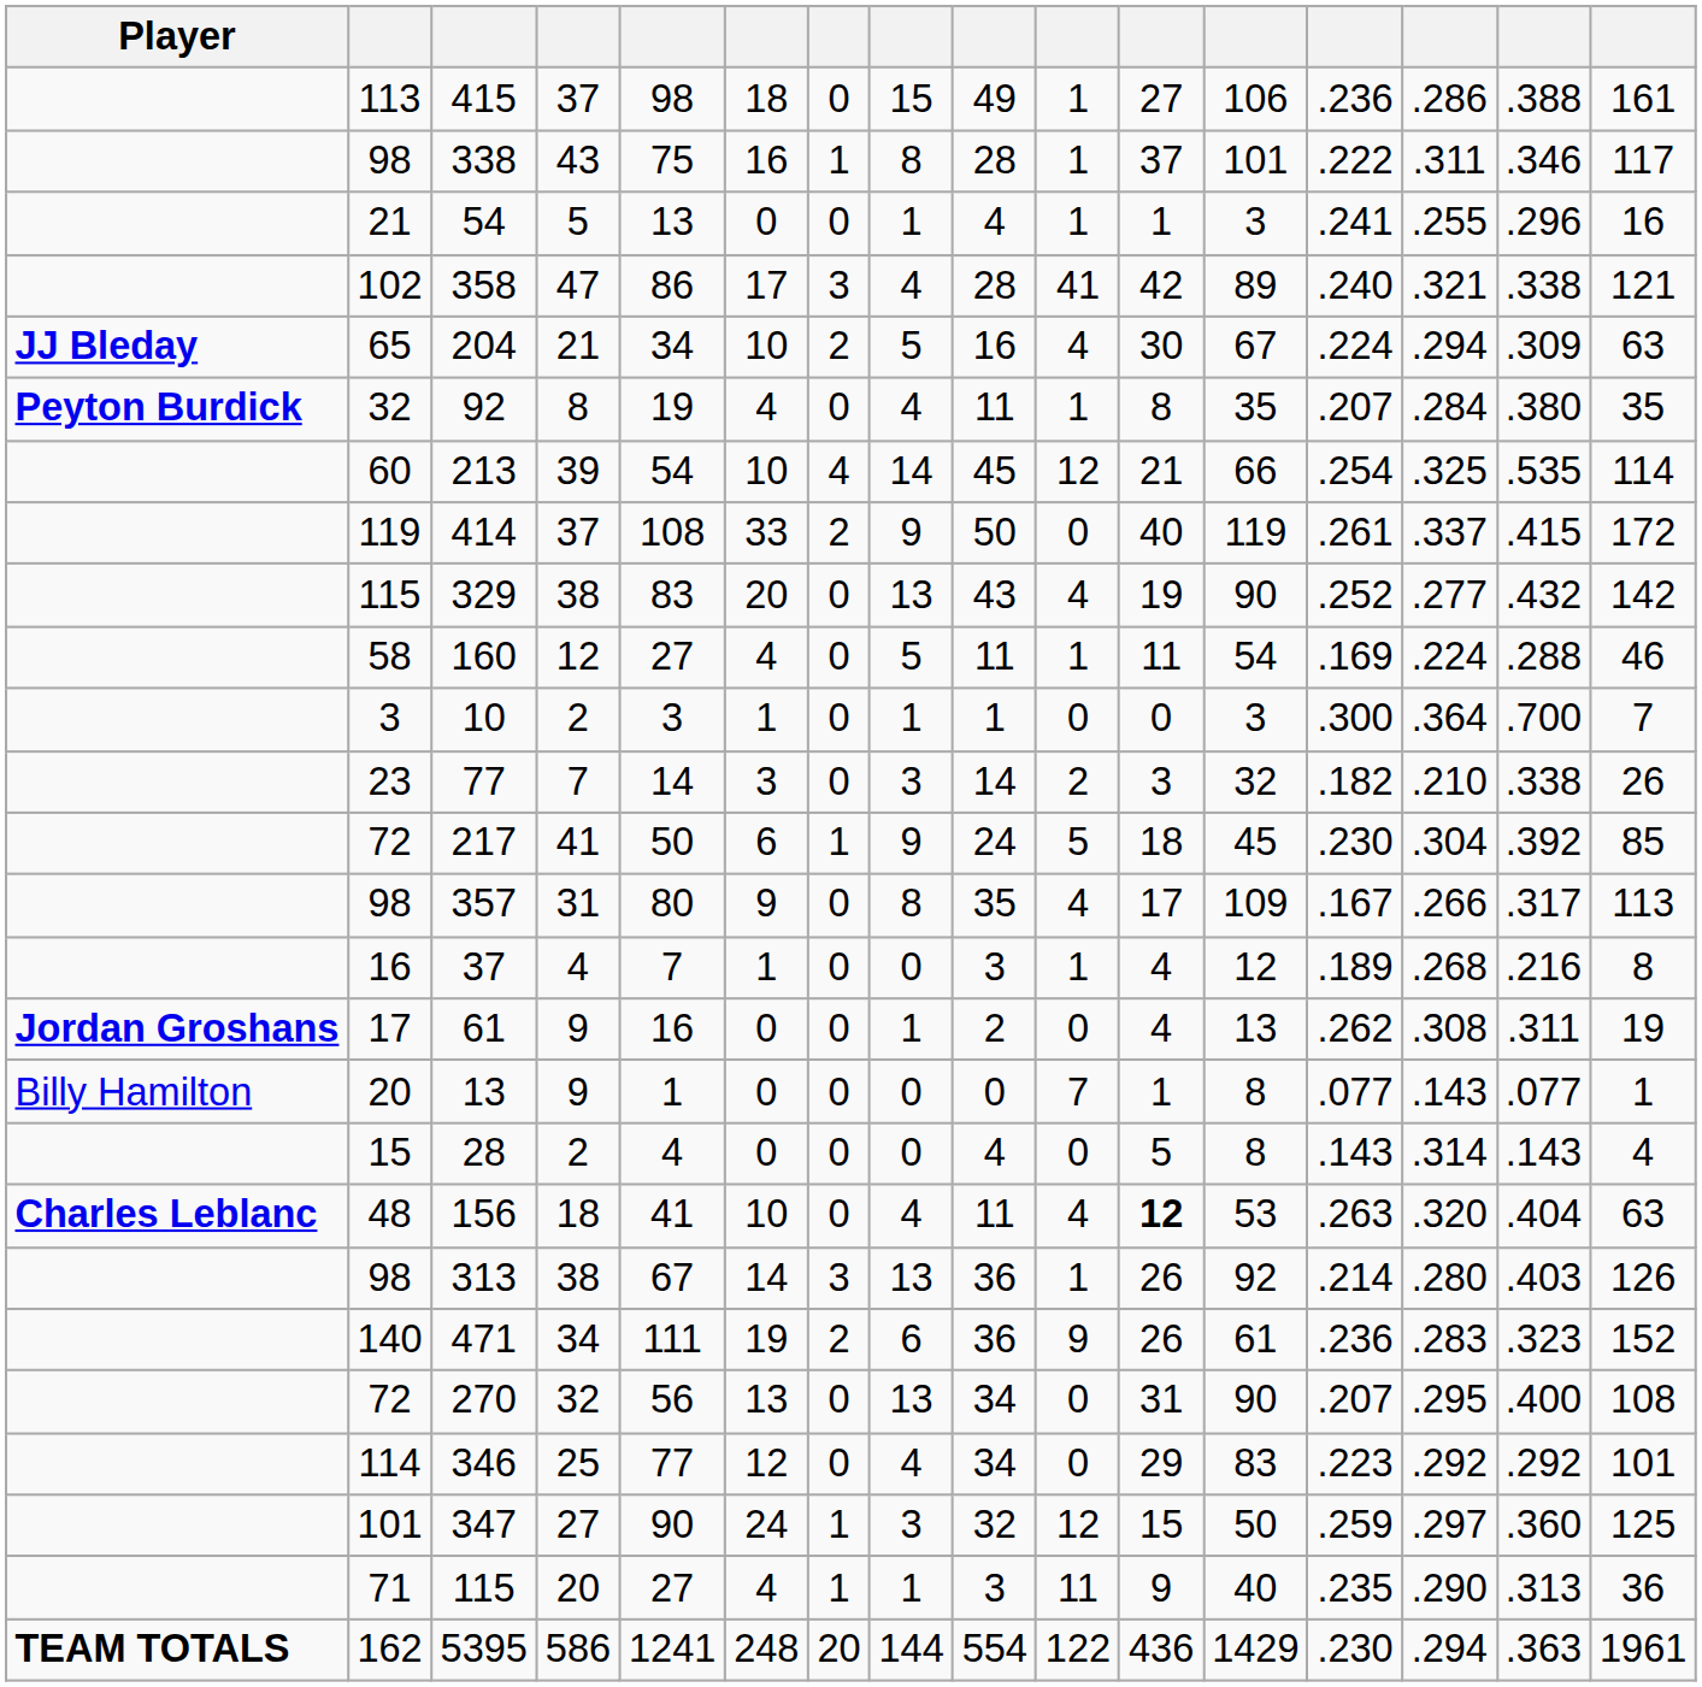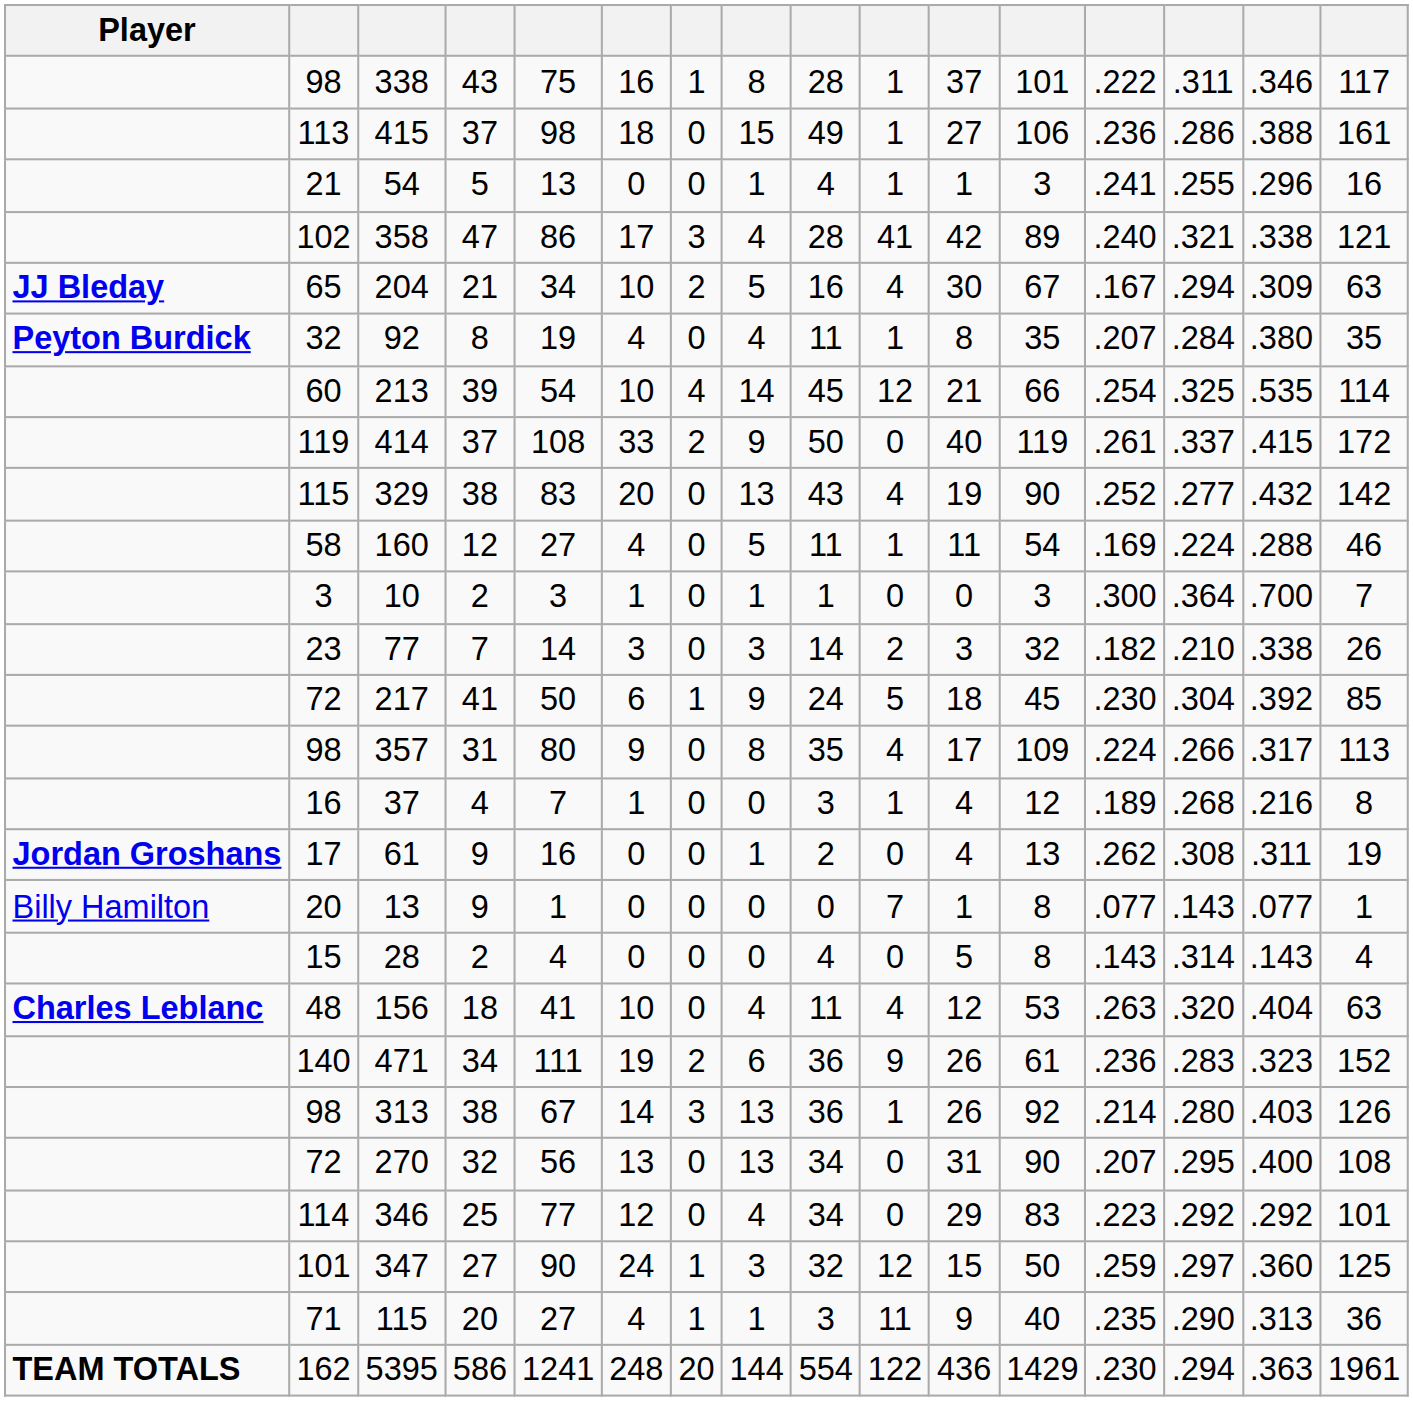 <table class="wikitable sortable" style="text-align:center;">
 <tr>
 <th>Player</th>
 <th></th>
 <th></th>
 <th></th>
 <th></th>
 <th></th>
 <th></th>
 <th></th>
 <th></th>
 <th></th>
 <th></th>
 <th></th>
 <th></th>
 <th></th>
 <th></th>
 <th></th>
 </tr>
 <tr>
+<td align=left></td>
+<td>98</td>
+<td>338</td>
+<td>43</td>
+<td>75</td>
+<td>16</td>
+<td>1</td>
+<td>8</td>
+<td>28</td>
+<td>1</td>
+<td>37</td>
+<td>101</td>
+<td>.222</td>
+<td>.311</td>
+<td>.346</td>
+<td>117</td>
+</tr>
+<tr>
 <td align=left><strong></strong></td>
 <td>113</td>
 <td>415</td>
 <td>37</td>
 <td>98</td>
 <td>18</td>
 <td>0</td>
 <td>15</td>
 <td>49</td>
 <td>1</td>
 <td>27</td>
 <td>106</td>
 <td>.236</td>
 <td>.286</td>
 <td>.388</td>
 <td>161</td>
-</tr>
-<tr>
-<td align=left></td>
-<td>98</td>
-<td>338</td>
-<td>43</td>
-<td>75</td>
-<td>16</td>
-<td>1</td>
-<td>8</td>
-<td>28</td>
-<td>1</td>
-<td>37</td>
-<td>101</td>
-<td>.222</td>
-<td>.311</td>
-<td>.346</td>
-<td>117</td>
 </tr>
 <tr>
 <td align=left><strong></strong></td>
 <td>21</td>
 <td>54</td>
 <td>5</td>
 <td>13</td>
 <td>0</td>
 <td>0</td>
 <td>1</td>
 <td>4</td>
 <td>1</td>
 <td>1</td>
 <td>3</td>
 <td>.241</td>
 <td>.255</td>
 <td>.296</td>
 <td>16</td>
 </tr>
 <tr>
 <td align=left><strong></strong></td>
 <td>102</td>
 <td>358</td>
 <td>47</td>
 <td>86</td>
 <td>17</td>
 <td>3</td>
 <td>4</td>
 <td>28</td>
 <td>41</td>
 <td>42</td>
 <td>89</td>
 <td>.240</td>
 <td>.321</td>
 <td>.338</td>
 <td>121</td>
 </tr>
 <tr>
 <td align=left><strong><a href='#'>JJ Bleday</a></strong></td>
 <td>65</td>
 <td>204</td>
 <td>21</td>
 <td>34</td>
 <td>10</td>
 <td>2</td>
 <td>5</td>
 <td>16</td>
 <td>4</td>
 <td>30</td>
 <td>67</td>
-<td>.224</td>
+<td>.167</td>
 <td>.294</td>
 <td>.309</td>
 <td>63</td>
 </tr>
 <tr>
 <td align=left><strong><a href='#'>Peyton Burdick</a></strong></td>
 <td>32</td>
 <td>92</td>
 <td>8</td>
 <td>19</td>
 <td>4</td>
 <td>0</td>
 <td>4</td>
 <td>11</td>
 <td>1</td>
 <td>8</td>
 <td>35</td>
 <td>.207</td>
 <td>.284</td>
 <td>.380</td>
 <td>35</td>
 </tr>
 <tr>
 <td align=left><strong></strong></td>
 <td>60</td>
 <td>213</td>
 <td>39</td>
 <td>54</td>
 <td>10</td>
 <td>4</td>
 <td>14</td>
 <td>45</td>
 <td>12</td>
 <td>21</td>
 <td>66</td>
 <td>.254</td>
 <td>.325</td>
 <td>.535</td>
 <td>114</td>
 </tr>
 <tr>
 <td align=left><strong></strong></td>
 <td>119</td>
 <td>414</td>
 <td>37</td>
 <td>108</td>
 <td>33</td>
 <td>2</td>
 <td>9</td>
 <td>50</td>
 <td>0</td>
 <td>40</td>
 <td>119</td>
 <td>.261</td>
 <td>.337</td>
 <td>.415</td>
 <td>172</td>
 </tr>
 <tr>
 <td align=left><strong></strong></td>
 <td>115</td>
 <td>329</td>
 <td>38</td>
 <td>83</td>
 <td>20</td>
 <td>0</td>
 <td>13</td>
 <td>43</td>
 <td>4</td>
 <td>19</td>
 <td>90</td>
 <td>.252</td>
 <td>.277</td>
 <td>.432</td>
 <td>142</td>
 </tr>
 <tr>
 <td align=left></td>
 <td>58</td>
 <td>160</td>
 <td>12</td>
 <td>27</td>
 <td>4</td>
 <td>0</td>
 <td>5</td>
 <td>11</td>
 <td>1</td>
 <td>11</td>
 <td>54</td>
 <td>.169</td>
 <td>.224</td>
 <td>.288</td>
 <td>46</td>
 </tr>
 <tr>
 <td align=left></td>
 <td>3</td>
 <td>10</td>
 <td>2</td>
 <td>3</td>
 <td>1</td>
 <td>0</td>
 <td>1</td>
 <td>1</td>
 <td>0</td>
 <td>0</td>
 <td>3</td>
 <td>.300</td>
 <td>.364</td>
 <td>.700</td>
 <td>7</td>
 </tr>
 <tr>
 <td align=left></td>
 <td>23</td>
 <td>77</td>
 <td>7</td>
 <td>14</td>
 <td>3</td>
 <td>0</td>
 <td>3</td>
 <td>14</td>
 <td>2</td>
 <td>3</td>
 <td>32</td>
 <td>.182</td>
 <td>.210</td>
 <td>.338</td>
 <td>26</td>
 </tr>
 <tr>
 <td align=left><strong></strong></td>
 <td>72</td>
 <td>217</td>
 <td>41</td>
 <td>50</td>
 <td>6</td>
 <td>1</td>
 <td>9</td>
 <td>24</td>
 <td>5</td>
 <td>18</td>
 <td>45</td>
 <td>.230</td>
 <td>.304</td>
 <td>.392</td>
 <td>85</td>
 </tr>
 <tr>
 <td align=left><strong></strong></td>
 <td>98</td>
 <td>357</td>
 <td>31</td>
 <td>80</td>
 <td>9</td>
 <td>0</td>
 <td>8</td>
 <td>35</td>
 <td>4</td>
 <td>17</td>
 <td>109</td>
-<td>.167</td>
+<td>.224</td>
 <td>.266</td>
 <td>.317</td>
 <td>113</td>
 </tr>
 <tr>
 <td align=left></td>
 <td>16</td>
 <td>37</td>
 <td>4</td>
 <td>7</td>
 <td>1</td>
 <td>0</td>
 <td>0</td>
 <td>3</td>
 <td>1</td>
 <td>4</td>
 <td>12</td>
 <td>.189</td>
 <td>.268</td>
 <td>.216</td>
 <td>8</td>
 </tr>
 <tr>
 <td align=left><strong><a href='#'>Jordan Groshans</a></strong></td>
 <td>17</td>
 <td>61</td>
 <td>9</td>
 <td>16</td>
 <td>0</td>
 <td>0</td>
 <td>1</td>
 <td>2</td>
 <td>0</td>
 <td>4</td>
 <td>13</td>
 <td>.262</td>
 <td>.308</td>
 <td>.311</td>
 <td>19</td>
 </tr>
 <tr>
 <td align=left><a href='#'>Billy Hamilton</a></td>
 <td>20</td>
 <td>13</td>
 <td>9</td>
 <td>1</td>
 <td>0</td>
 <td>0</td>
 <td>0</td>
 <td>0</td>
 <td>7</td>
 <td>1</td>
 <td>8</td>
 <td>.077</td>
 <td>.143</td>
 <td>.077</td>
 <td>1</td>
 </tr>
 <tr>
 <td align=left></td>
 <td>15</td>
 <td>28</td>
 <td>2</td>
 <td>4</td>
 <td>0</td>
 <td>0</td>
 <td>0</td>
 <td>4</td>
 <td>0</td>
 <td>5</td>
 <td>8</td>
 <td>.143</td>
 <td>.314</td>
 <td>.143</td>
 <td>4</td>
 </tr>
 <tr>
 <td align=left><strong><a href='#'>Charles Leblanc</a></strong></td>
 <td>48</td>
 <td>156</td>
 <td>18</td>
 <td>41</td>
 <td>10</td>
 <td>0</td>
 <td>4</td>
 <td>11</td>
 <td>4</td>
-<td><strong>12</strong></td>
+<td>12</td>
 <td>53</td>
 <td>.263</td>
 <td>.320</td>
 <td>.404</td>
 <td>63</td>
+</tr>
+<tr>
+<td align=left><strong></strong></td>
+<td>140</td>
+<td>471</td>
+<td>34</td>
+<td>111</td>
+<td>19</td>
+<td>2</td>
+<td>6</td>
+<td>36</td>
+<td>9</td>
+<td>26</td>
+<td>61</td>
+<td>.236</td>
+<td>.283</td>
+<td>.323</td>
+<td>152</td>
 </tr>
 <tr>
 <td align=left><strong></strong></td>
 <td>98</td>
 <td>313</td>
 <td>38</td>
 <td>67</td>
 <td>14</td>
 <td>3</td>
 <td>13</td>
 <td>36</td>
 <td>1</td>
 <td>26</td>
 <td>92</td>
 <td>.214</td>
 <td>.280</td>
 <td>.403</td>
 <td>126</td>
-</tr>
-<tr>
-<td align=left><strong></strong></td>
-<td>140</td>
-<td>471</td>
-<td>34</td>
-<td>111</td>
-<td>19</td>
-<td>2</td>
-<td>6</td>
-<td>36</td>
-<td>9</td>
-<td>26</td>
-<td>61</td>
-<td>.236</td>
-<td>.283</td>
-<td>.323</td>
-<td>152</td>
 </tr>
 <tr>
 <td align=left><strong></strong></td>
 <td>72</td>
 <td>270</td>
 <td>32</td>
 <td>56</td>
 <td>13</td>
 <td>0</td>
 <td>13</td>
 <td>34</td>
 <td>0</td>
 <td>31</td>
 <td>90</td>
 <td>.207</td>
 <td>.295</td>
 <td>.400</td>
 <td>108</td>
 </tr>
 <tr>
 <td align=left><strong></strong></td>
 <td>114</td>
 <td>346</td>
 <td>25</td>
 <td>77</td>
 <td>12</td>
 <td>0</td>
 <td>4</td>
 <td>34</td>
 <td>0</td>
 <td>29</td>
 <td>83</td>
 <td>.223</td>
 <td>.292</td>
 <td>.292</td>
 <td>101</td>
 </tr>
 <tr>
 <td align=left></td>
 <td>101</td>
 <td>347</td>
 <td>27</td>
 <td>90</td>
 <td>24</td>
 <td>1</td>
 <td>3</td>
 <td>32</td>
 <td>12</td>
 <td>15</td>
 <td>50</td>
 <td>.259</td>
 <td>.297</td>
 <td>.360</td>
 <td>125</td>
 </tr>
 <tr>
 <td align=left><strong></strong></td>
 <td>71</td>
 <td>115</td>
 <td>20</td>
 <td>27</td>
 <td>4</td>
 <td>1</td>
 <td>1</td>
 <td>3</td>
 <td>11</td>
 <td>9</td>
 <td>40</td>
 <td>.235</td>
 <td>.290</td>
 <td>.313</td>
 <td>36</td>
 </tr>
 <tr class="sortbottom">
 <td align="left"><strong>TEAM TOTALS</strong></td>
 <td>162</td>
 <td>5395</td>
 <td>586</td>
 <td>1241</td>
 <td>248</td>
 <td>20</td>
 <td>144</td>
 <td>554</td>
 <td>122</td>
 <td>436</td>
 <td>1429</td>
 <td>.230</td>
 <td>.294</td>
 <td>.363</td>
 <td>1961</td>
 </tr>
 </table>
